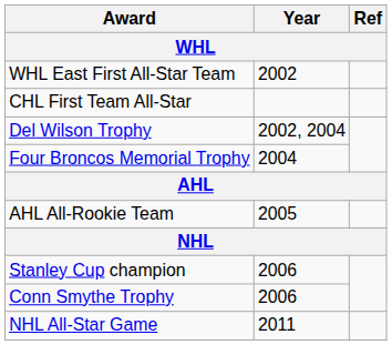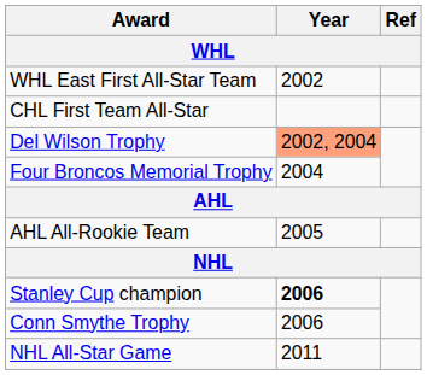 <table class="wikitable">
 <tr>
 <th>Award</th>
 <th>Year</th>
 <th>Ref</th>
 </tr>
 <tr>
 <th colspan="3"><a href='#'>WHL</a></th>
 </tr>
 <tr>
 <td>WHL East First All-Star Team</td>
 <td>2002</td>
 <td></td>
 </tr>
 <tr>
 <td>CHL First Team All-Star</td>
 <td></td>
 <td></td>
 </tr>
 <tr>
 <td><a href='#'>Del Wilson Trophy</a></td>
-<td>2002, 2004</td>
+<td style="background: lightsalmon;">2002, 2004</td>
 <td rowspan="2"></td>
 </tr>
 <tr>
 <td><a href='#'>Four Broncos Memorial Trophy</a></td>
 <td>2004</td>
 </tr>
 <tr>
 <th colspan="3"><a href='#'>AHL</a></th>
 </tr>
 <tr>
 <td>AHL All-Rookie Team</td>
 <td>2005</td>
 <td></td>
 </tr>
 <tr>
 <th colspan="3"><a href='#'>NHL</a></th>
 </tr>
 <tr>
 <td><a href='#'>Stanley Cup</a> champion</td>
-<td>2006</td>
+<td><strong>2006</strong></td>
 <td rowspan="2"></td>
 </tr>
 <tr>
 <td><a href='#'>Conn Smythe Trophy</a></td>
 <td>2006</td>
 </tr>
 <tr>
 <td><a href='#'>NHL All-Star Game</a></td>
 <td>2011</td>
 <td></td>
 </tr>
 </table>
